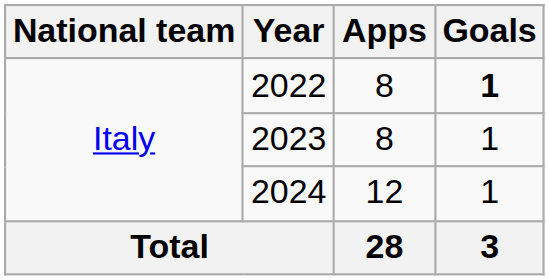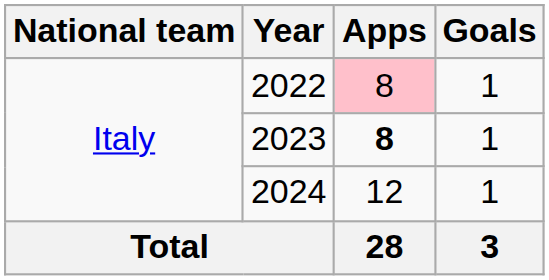 <table class="wikitable" style="text-align:center">
 <tr>
 <th>National team</th>
 <th>Year</th>
 <th>Apps</th>
 <th>Goals</th>
 </tr>
 <tr>
 <td rowspan="3"><a href='#'>Italy</a></td>
 <td>2022</td>
-<td>8</td>
-<td><strong>1</strong></td>
+<td style="background: pink;">8</td>
+<td>1</td>
 </tr>
 <tr>
 <td>2023</td>
-<td>8</td>
+<td><strong>8</strong></td>
 <td>1</td>
 </tr>
 <tr>
 <td>2024</td>
 <td>12</td>
 <td>1</td>
 </tr>
 <tr>
 <th colspan="2">Total</th>
 <th>28</th>
 <th>3</th>
 </tr>
 </table>
